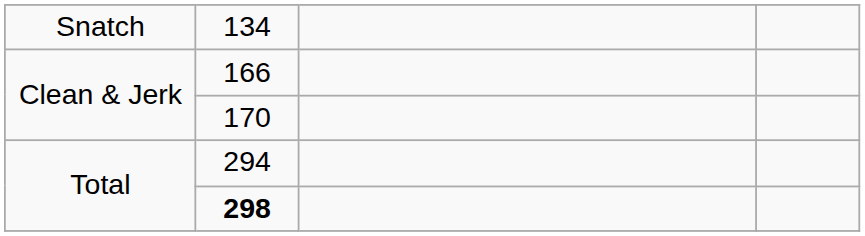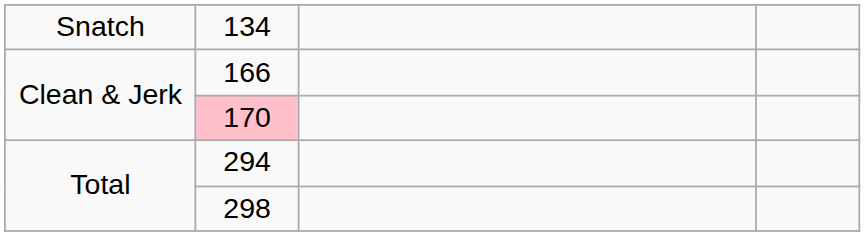 <table class = "wikitable" style="text-align:center;">
 <tr>
 <td width=100>Snatch</td>
 <td width=50>134</td>
 <td width=250 align=left></td>
 <td width=50></td>
 </tr>
 <tr>
 <td rowspan=2>Clean & Jerk</td>
 <td>166</td>
 <td align=left></td>
 <td></td>
 </tr>
 <tr>
-<td>170</td>
+<td style="background: pink;">170</td>
 <td align=left></td>
 <td></td>
 </tr>
 <tr>
 <td rowspan=2>Total</td>
 <td>294</td>
 <td align=left></td>
 <td></td>
 </tr>
 <tr>
-<td><strong>298</strong></td>
+<td>298</td>
 <td align=left></td>
 <td></td>
 </tr>
 </table>
